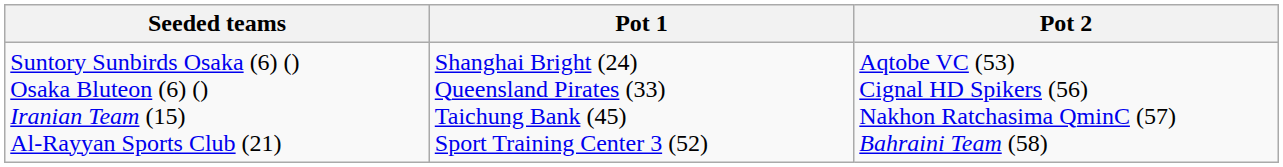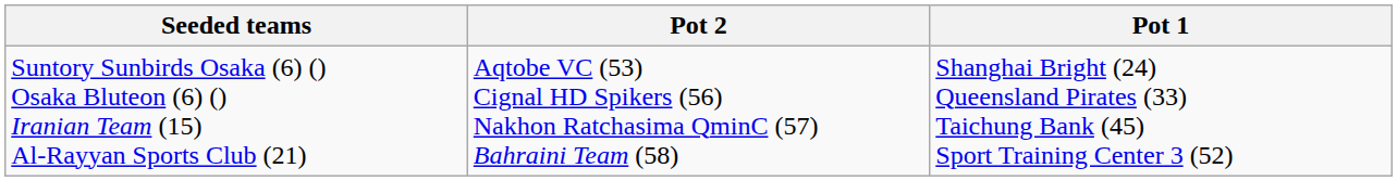 <table class="wikitable" width=850>
 <tr>
 <th width=25%>Seeded teams</th>
+<th width=25%>Pot 2</th>
 <th width=25%>Pot 1</th>
-<th width=25%>Pot 2</th>
 </tr>
 <tr>
 <td valign=top> <a href='#'>Suntory Sunbirds Osaka</a> (6)  () <br>  <a href='#'>Osaka Bluteon</a> (6)  () <br>  <em><a href='#'>Iranian Team</a></em> (15) <br>  <a href='#'>Al-Rayyan Sports Club</a> (21)</td>
+<td valign=top> <a href='#'>Aqtobe VC</a> (53) <br>  <a href='#'>Cignal HD Spikers</a> (56) <br>  <a href='#'>Nakhon Ratchasima QminC</a> (57) <br>  <em><a href='#'>Bahraini Team</a></em> (58)</td>
 <td valign=top> <a href='#'>Shanghai Bright</a> (24) <br>  <a href='#'>Queensland Pirates</a> (33) <br>  <a href='#'>Taichung Bank</a> (45) <br>  <a href='#'>Sport Training Center 3</a> (52)</td>
-<td valign=top> <a href='#'>Aqtobe VC</a> (53) <br>  <a href='#'>Cignal HD Spikers</a> (56) <br>  <a href='#'>Nakhon Ratchasima QminC</a> (57) <br>  <em><a href='#'>Bahraini Team</a></em> (58)</td>
 </tr>
 </table>
